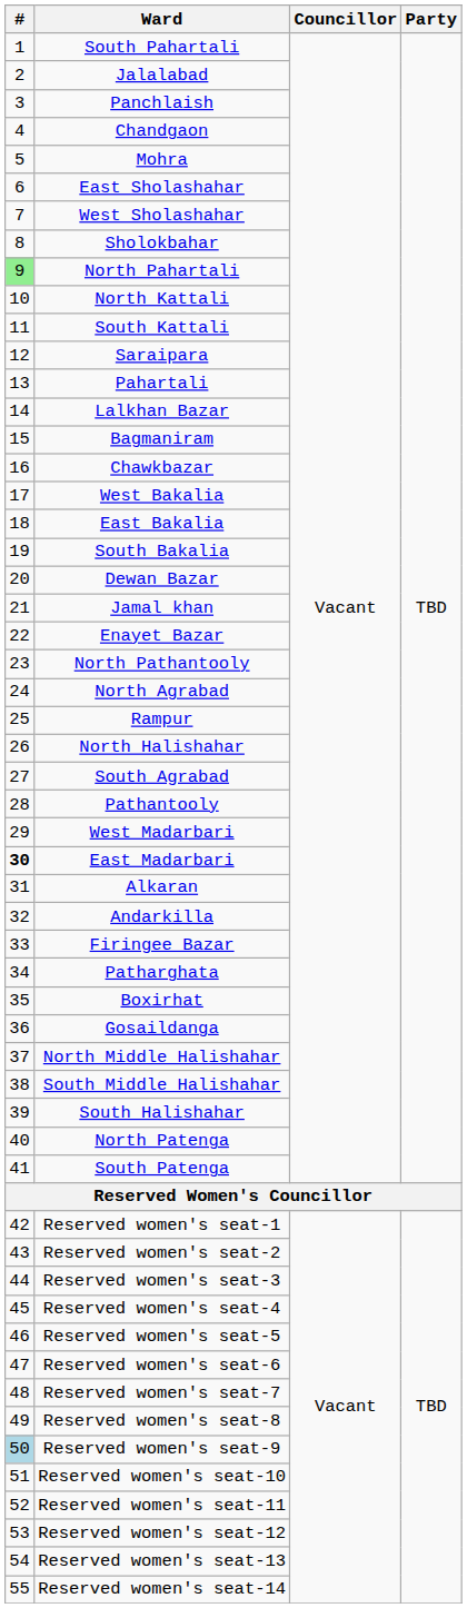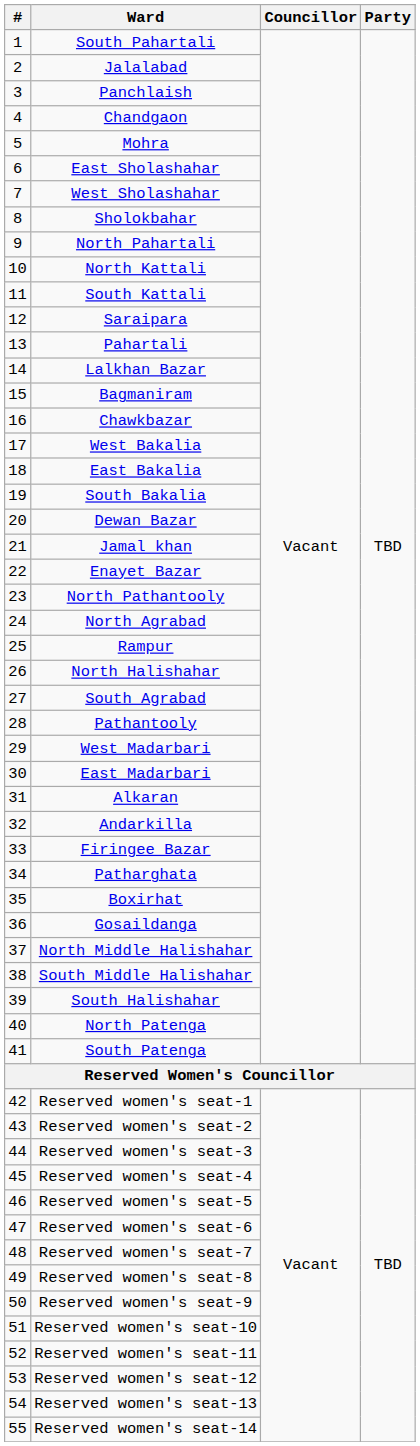 <table class="wikitable sortable" style="text-align:center;">
 <tr>
 <th>#</th>
 <th>Ward</th>
 <th>Councillor</th>
 <th colspan="2">Party</th>
 </tr>
 <tr>
 <td>1</td>
 <td><a href='#'>South Pahartali</a></td>
 <td rowspan="41">Vacant</td>
 <td colspan="2" rowspan="41" bgcolor="">TBD</td>
 </tr>
 <tr>
 <td>2</td>
 <td><a href='#'>Jalalabad</a></td>
 </tr>
 <tr>
 <td>3</td>
 <td><a href='#'>Panchlaish</a></td>
 </tr>
 <tr>
 <td>4</td>
 <td><a href='#'>Chandgaon</a></td>
 </tr>
 <tr>
 <td>5</td>
 <td><a href='#'>Mohra</a></td>
 </tr>
 <tr>
 <td>6</td>
 <td><a href='#'>East Sholashahar</a></td>
 </tr>
 <tr>
 <td>7</td>
 <td><a href='#'>West Sholashahar</a></td>
 </tr>
 <tr>
 <td>8</td>
 <td><a href='#'>Sholokbahar</a></td>
 </tr>
 <tr>
-<td style="background: lightgreen;">9</td>
+<td>9</td>
 <td><a href='#'>North Pahartali</a></td>
 </tr>
 <tr>
 <td>10</td>
 <td><a href='#'>North Kattali</a></td>
 </tr>
 <tr>
 <td>11</td>
 <td><a href='#'>South Kattali</a></td>
 </tr>
 <tr>
 <td>12</td>
 <td><a href='#'>Saraipara</a></td>
 </tr>
 <tr>
 <td>13</td>
 <td><a href='#'>Pahartali</a></td>
 </tr>
 <tr>
 <td>14</td>
 <td><a href='#'>Lalkhan Bazar</a></td>
 </tr>
 <tr>
 <td>15</td>
 <td><a href='#'>Bagmaniram</a></td>
 </tr>
 <tr>
 <td>16</td>
 <td><a href='#'>Chawkbazar</a></td>
 </tr>
 <tr>
 <td>17</td>
 <td><a href='#'>West Bakalia</a></td>
 </tr>
 <tr>
 <td>18</td>
 <td><a href='#'>East Bakalia</a></td>
 </tr>
 <tr>
 <td>19</td>
 <td><a href='#'>South Bakalia</a></td>
 </tr>
 <tr>
 <td>20</td>
 <td><a href='#'>Dewan Bazar</a></td>
 </tr>
 <tr>
 <td>21</td>
 <td><a href='#'>Jamal khan</a></td>
 </tr>
 <tr>
 <td>22</td>
 <td><a href='#'>Enayet Bazar</a></td>
 </tr>
 <tr>
 <td>23</td>
 <td><a href='#'>North Pathantooly</a></td>
 </tr>
 <tr>
 <td>24</td>
 <td><a href='#'>North Agrabad</a></td>
 </tr>
 <tr>
 <td>25</td>
 <td><a href='#'>Rampur</a></td>
 </tr>
 <tr>
 <td>26</td>
 <td><a href='#'>North Halishahar</a></td>
 </tr>
 <tr>
 <td>27</td>
 <td><a href='#'>South Agrabad</a></td>
 </tr>
 <tr>
 <td>28</td>
 <td><a href='#'>Pathantooly</a></td>
 </tr>
 <tr>
 <td>29</td>
 <td><a href='#'>West Madarbari</a></td>
 </tr>
 <tr>
-<td><strong>30</strong></td>
+<td>30</td>
 <td><a href='#'>East Madarbari</a></td>
 </tr>
 <tr>
 <td>31</td>
 <td><a href='#'>Alkaran</a></td>
 </tr>
 <tr>
 <td>32</td>
 <td><a href='#'>Andarkilla</a></td>
 </tr>
 <tr>
 <td>33</td>
 <td><a href='#'>Firingee Bazar</a></td>
 </tr>
 <tr>
 <td>34</td>
 <td><a href='#'>Patharghata</a></td>
 </tr>
 <tr>
 <td>35</td>
 <td><a href='#'>Boxirhat</a></td>
 </tr>
 <tr>
 <td>36</td>
 <td><a href='#'>Gosaildanga</a></td>
 </tr>
 <tr>
 <td>37</td>
 <td><a href='#'>North Middle Halishahar</a></td>
 </tr>
 <tr>
 <td>38</td>
 <td><a href='#'>South Middle Halishahar</a></td>
 </tr>
 <tr>
 <td>39</td>
 <td><a href='#'>South Halishahar</a></td>
 </tr>
 <tr>
 <td>40</td>
 <td><a href='#'>North Patenga</a></td>
 </tr>
 <tr>
 <td>41</td>
 <td><a href='#'>South Patenga</a></td>
 </tr>
 <tr>
 <th colspan="5"><strong>Reserved Women's Councillor</strong></th>
 </tr>
 <tr>
 <td>42</td>
 <td>Reserved women's seat-1</td>
 <td rowspan="14">Vacant</td>
 <td colspan="2" rowspan="14" bgcolor="">TBD</td>
 </tr>
 <tr>
 <td>43</td>
 <td>Reserved women's seat-2</td>
 </tr>
 <tr>
 <td>44</td>
 <td>Reserved women's seat-3</td>
 </tr>
 <tr>
 <td>45</td>
 <td>Reserved women's seat-4</td>
 </tr>
 <tr>
 <td>46</td>
 <td>Reserved women's seat-5</td>
 </tr>
 <tr>
 <td>47</td>
 <td>Reserved women's seat-6</td>
 </tr>
 <tr>
 <td>48</td>
 <td>Reserved women's seat-7</td>
 </tr>
 <tr>
 <td>49</td>
 <td>Reserved women's seat-8</td>
 </tr>
 <tr>
-<td style="background: lightblue;">50</td>
+<td>50</td>
 <td>Reserved women's seat-9</td>
 </tr>
 <tr>
 <td>51</td>
 <td>Reserved women's seat-10</td>
 </tr>
 <tr>
 <td>52</td>
 <td>Reserved women's seat-11</td>
 </tr>
 <tr>
 <td>53</td>
 <td>Reserved women's seat-12</td>
 </tr>
 <tr>
 <td>54</td>
 <td>Reserved women's seat-13</td>
 </tr>
 <tr>
 <td>55</td>
 <td>Reserved women's seat-14</td>
 </tr>
 <tr>
 </tr>
 </table>
